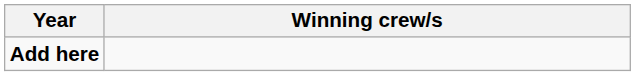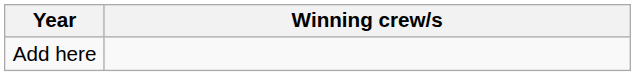 <table class="wikitable" style="text-align:center">
 <tr>
 <th width=70>Year</th>
 <th width=400>Winning crew/s</th>
 </tr>
 <tr>
-<td><strong>Add here</strong></td>
+<td>Add here</td>
 </tr>
 </table>
